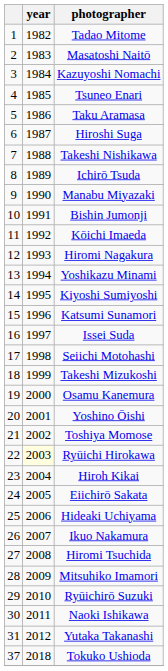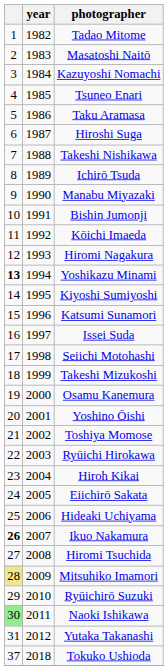 <table class="wikitable" style="text-align:center">
 <tr>
 <th> </th>
 <th>year</th>
 <th>photographer</th>
 </tr>
 <tr>
 <td>1</td>
 <td>1982</td>
 <td><a href='#'>Tadao Mitome</a></td>
 </tr>
 <tr>
 <td>2</td>
 <td>1983</td>
 <td><a href='#'>Masatoshi Naitō</a></td>
 </tr>
 <tr>
 <td>3</td>
 <td>1984</td>
 <td><a href='#'>Kazuyoshi Nomachi</a></td>
 </tr>
 <tr>
 <td>4</td>
 <td>1985</td>
 <td><a href='#'>Tsuneo Enari</a></td>
 </tr>
 <tr>
 <td>5</td>
 <td>1986</td>
 <td><a href='#'>Taku Aramasa</a></td>
 </tr>
 <tr>
 <td>6</td>
 <td>1987</td>
 <td><a href='#'>Hiroshi Suga</a></td>
 </tr>
 <tr>
 <td>7</td>
 <td>1988</td>
 <td><a href='#'>Takeshi Nishikawa</a></td>
 </tr>
 <tr>
 <td>8</td>
 <td>1989</td>
 <td><a href='#'>Ichirō Tsuda</a></td>
 </tr>
 <tr>
 <td>9</td>
 <td>1990</td>
 <td><a href='#'>Manabu Miyazaki</a></td>
 </tr>
 <tr>
 <td>10</td>
 <td>1991</td>
 <td><a href='#'>Bishin Jumonji</a></td>
 </tr>
 <tr>
 <td>11</td>
 <td>1992</td>
 <td><a href='#'>Kōichi Imaeda</a></td>
 </tr>
 <tr>
 <td>12</td>
 <td>1993</td>
 <td><a href='#'>Hiromi Nagakura</a></td>
 </tr>
 <tr>
-<td>13</td>
+<td><strong>13</strong></td>
 <td>1994</td>
 <td><a href='#'>Yoshikazu Minami</a></td>
 </tr>
 <tr>
 <td>14</td>
 <td>1995</td>
 <td><a href='#'>Kiyoshi Sumiyoshi</a></td>
 </tr>
 <tr>
 <td>15</td>
 <td>1996</td>
 <td><a href='#'>Katsumi Sunamori</a></td>
 </tr>
 <tr>
 <td>16</td>
 <td>1997</td>
 <td><a href='#'>Issei Suda</a></td>
 </tr>
 <tr>
 <td>17</td>
 <td>1998</td>
 <td><a href='#'>Seiichi Motohashi</a></td>
 </tr>
 <tr>
 <td>18</td>
 <td>1999</td>
 <td><a href='#'>Takeshi Mizukoshi</a></td>
 </tr>
 <tr>
 <td>19</td>
 <td>2000</td>
 <td><a href='#'>Osamu Kanemura</a></td>
 </tr>
 <tr>
 <td>20</td>
 <td>2001</td>
 <td><a href='#'>Yoshino Ōishi</a></td>
 </tr>
 <tr>
 <td>21</td>
 <td>2002</td>
 <td><a href='#'>Toshiya Momose</a></td>
 </tr>
 <tr>
 <td>22</td>
-<td style="background: lightyellow;">2003</td>
+<td>2003</td>
 <td><a href='#'>Ryūichi Hirokawa</a></td>
 </tr>
 <tr>
 <td>23</td>
 <td>2004</td>
 <td><a href='#'>Hiroh Kikai</a></td>
 </tr>
 <tr>
 <td>24</td>
 <td>2005</td>
 <td><a href='#'>Eiichirō Sakata</a></td>
 </tr>
 <tr>
 <td>25</td>
 <td>2006</td>
 <td><a href='#'>Hideaki Uchiyama</a></td>
 </tr>
 <tr>
-<td>26</td>
+<td><strong>26</strong></td>
 <td>2007</td>
 <td><a href='#'>Ikuo Nakamura</a></td>
 </tr>
 <tr>
 <td>27</td>
 <td>2008</td>
 <td><a href='#'>Hiromi Tsuchida</a></td>
 </tr>
 <tr>
-<td>28</td>
+<td style="background: khaki;">28</td>
 <td>2009</td>
 <td><a href='#'>Mitsuhiko Imamori</a></td>
 </tr>
 <tr>
 <td>29</td>
 <td>2010</td>
 <td><a href='#'>Ryūichirō Suzuki</a></td>
 </tr>
 <tr>
-<td>30</td>
+<td style="background: lightgreen;">30</td>
 <td>2011</td>
 <td><a href='#'>Naoki Ishikawa</a></td>
 </tr>
 <tr>
 <td>31</td>
 <td>2012</td>
 <td><a href='#'>Yutaka Takanashi</a></td>
 </tr>
 <tr>
 <td>37</td>
 <td>2018</td>
 <td><a href='#'>Tokuko Ushioda</a></td>
 </tr>
 <tr>
 </tr>
 </table>
